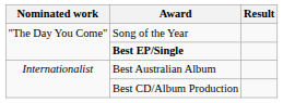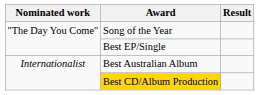 <table class="infobox wikitable" style="margin:auto; vertical-align:middle; font-size:90%; margin:0 0 0.5em 1em;">
 <tr>
 <th>Nominated work</th>
 <th>Award</th>
 <th>Result</th>
 </tr>
 <tr>
 <td rowspan="2" style="text-align:center;">"The Day You Come"</td>
 <td>Song of the Year</td>
 <td></td>
 </tr>
 <tr>
-<td><strong>Best EP/Single</strong></td>
+<td>Best EP/Single</td>
 <td></td>
 </tr>
 <tr>
 <td rowspan="2" style="text-align:center;"><em>Internationalist</em></td>
 <td>Best Australian Album</td>
 <td></td>
 </tr>
 <tr>
-<td>Best CD/Album Production</td>
+<td style="background: gold;">Best CD/Album Production</td>
 <td></td>
 </tr>
 </table>
